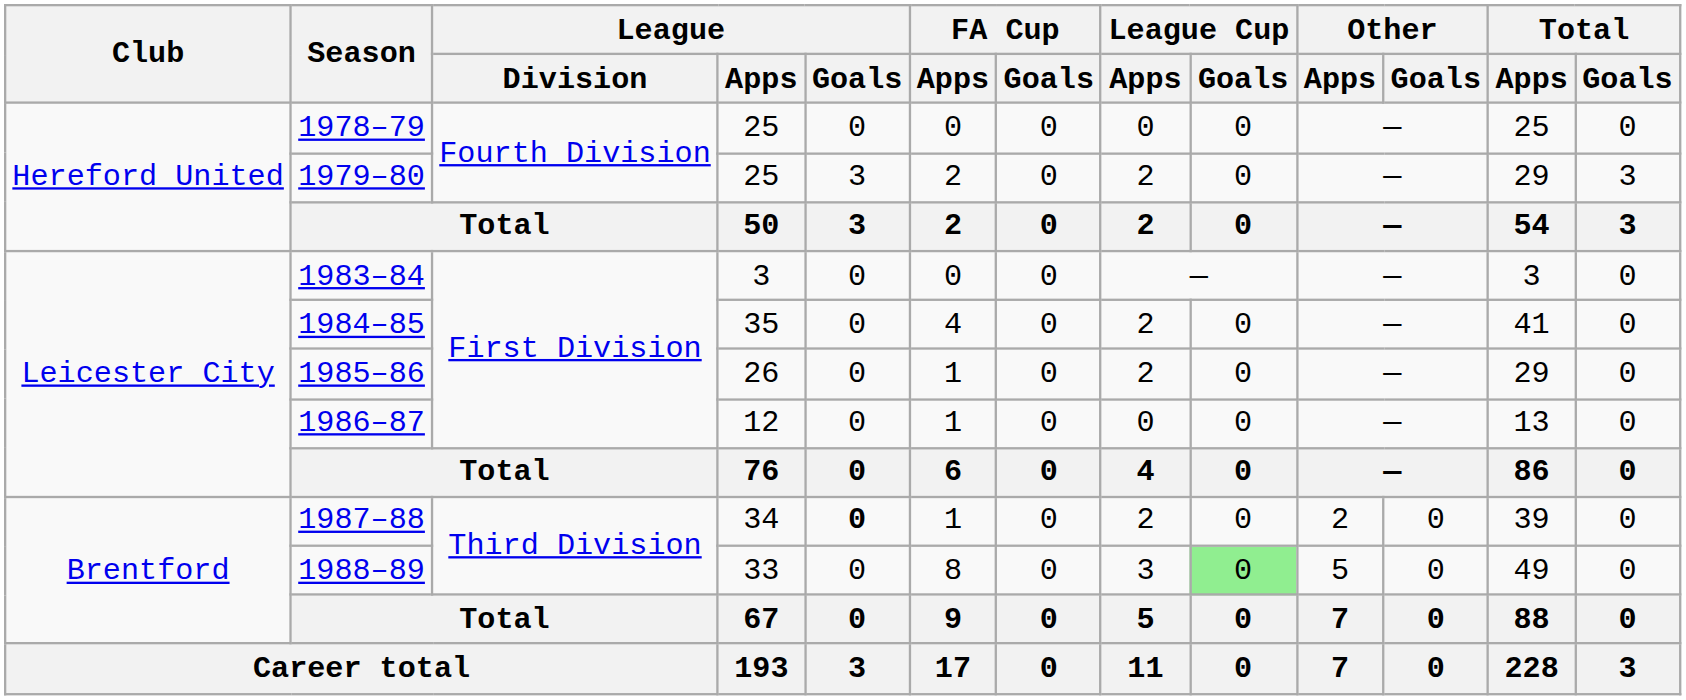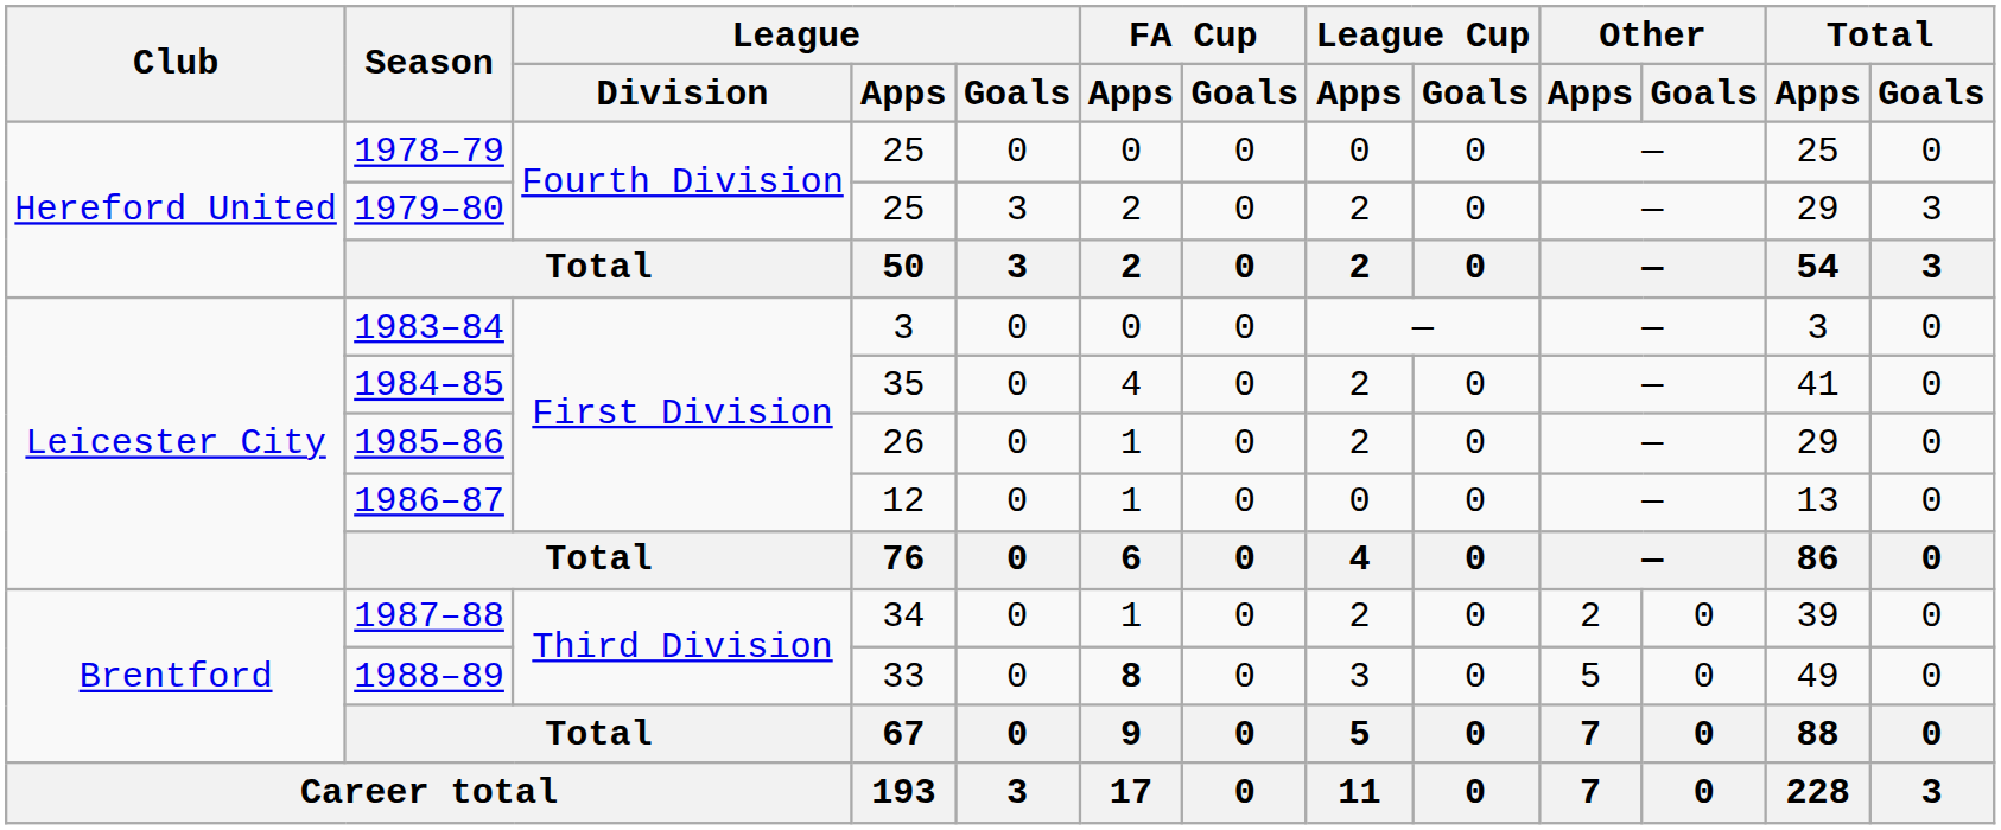 <table class="wikitable" style="text-align: center;">
 <tr>
 <th rowspan="2">Club</th>
 <th rowspan="2">Season</th>
 <th colspan="3">League</th>
 <th colspan="2">FA Cup</th>
 <th colspan="2">League Cup</th>
 <th colspan="2">Other</th>
 <th colspan="2">Total</th>
 </tr>
 <tr>
 <th>Division</th>
 <th>Apps</th>
 <th>Goals</th>
 <th>Apps</th>
 <th>Goals</th>
 <th>Apps</th>
 <th>Goals</th>
 <th>Apps</th>
 <th>Goals</th>
 <th>Apps</th>
 <th>Goals</th>
 </tr>
 <tr>
 <td rowspan="3"><a href='#'>Hereford United</a></td>
 <td><a href='#'>1978–79</a></td>
 <td rowspan="2"><a href='#'>Fourth Division</a></td>
 <td>25</td>
 <td>0</td>
 <td>0</td>
 <td>0</td>
 <td>0</td>
 <td>0</td>
 <td colspan="2">—</td>
 <td>25</td>
 <td>0</td>
 </tr>
 <tr>
 <td><a href='#'>1979–80</a></td>
 <td>25</td>
 <td>3</td>
 <td>2</td>
 <td>0</td>
 <td>2</td>
 <td>0</td>
 <td colspan="2">—</td>
 <td>29</td>
 <td>3</td>
 </tr>
 <tr>
 <th colspan="2">Total</th>
 <th>50</th>
 <th>3</th>
 <th>2</th>
 <th>0</th>
 <th>2</th>
 <th>0</th>
 <th colspan="2">—</th>
 <th>54</th>
 <th>3</th>
 </tr>
 <tr>
 <td rowspan="5"><a href='#'>Leicester City</a></td>
 <td><a href='#'>1983–84</a></td>
 <td rowspan="4"><a href='#'>First Division</a></td>
 <td>3</td>
 <td>0</td>
 <td>0</td>
 <td>0</td>
 <td colspan="2">—</td>
 <td colspan="2">—</td>
 <td>3</td>
 <td>0</td>
 </tr>
 <tr>
 <td><a href='#'>1984–85</a></td>
 <td>35</td>
 <td>0</td>
 <td>4</td>
 <td>0</td>
 <td>2</td>
 <td>0</td>
 <td colspan="2">—</td>
 <td>41</td>
 <td>0</td>
 </tr>
 <tr>
 <td><a href='#'>1985–86</a></td>
 <td>26</td>
 <td>0</td>
 <td>1</td>
 <td>0</td>
 <td>2</td>
 <td>0</td>
 <td colspan="2">—</td>
 <td>29</td>
 <td>0</td>
 </tr>
 <tr>
 <td><a href='#'>1986–87</a></td>
 <td>12</td>
 <td>0</td>
 <td>1</td>
 <td>0</td>
 <td>0</td>
 <td>0</td>
 <td colspan="2">—</td>
 <td>13</td>
 <td>0</td>
 </tr>
 <tr>
 <th colspan="2">Total</th>
 <th>76</th>
 <th>0</th>
 <th>6</th>
 <th>0</th>
 <th>4</th>
 <th>0</th>
 <th colspan="2">—</th>
 <th>86</th>
 <th>0</th>
 </tr>
 <tr>
 <td rowspan="3"><a href='#'>Brentford</a></td>
 <td><a href='#'>1987–88</a></td>
 <td rowspan="2"><a href='#'>Third Division</a></td>
 <td>34</td>
-<td><strong>0</strong></td>
+<td>0</td>
 <td>1</td>
 <td>0</td>
 <td>2</td>
 <td>0</td>
 <td>2</td>
 <td>0</td>
 <td>39</td>
 <td>0</td>
 </tr>
 <tr>
 <td><a href='#'>1988–89</a></td>
 <td>33</td>
 <td>0</td>
-<td>8</td>
+<td><strong>8</strong></td>
 <td>0</td>
 <td>3</td>
-<td style="background: lightgreen;">0</td>
+<td>0</td>
 <td>5</td>
 <td>0</td>
 <td>49</td>
 <td>0</td>
 </tr>
 <tr>
 <th colspan="2">Total</th>
 <th>67</th>
 <th>0</th>
 <th>9</th>
 <th>0</th>
 <th>5</th>
 <th>0</th>
 <th>7</th>
 <th>0</th>
 <th>88</th>
 <th>0</th>
 </tr>
 <tr>
 <th colspan="3">Career total</th>
 <th>193</th>
 <th>3</th>
 <th>17</th>
 <th>0</th>
 <th>11</th>
 <th>0</th>
 <th>7</th>
 <th>0</th>
 <th>228</th>
 <th>3</th>
 </tr>
 </table>
